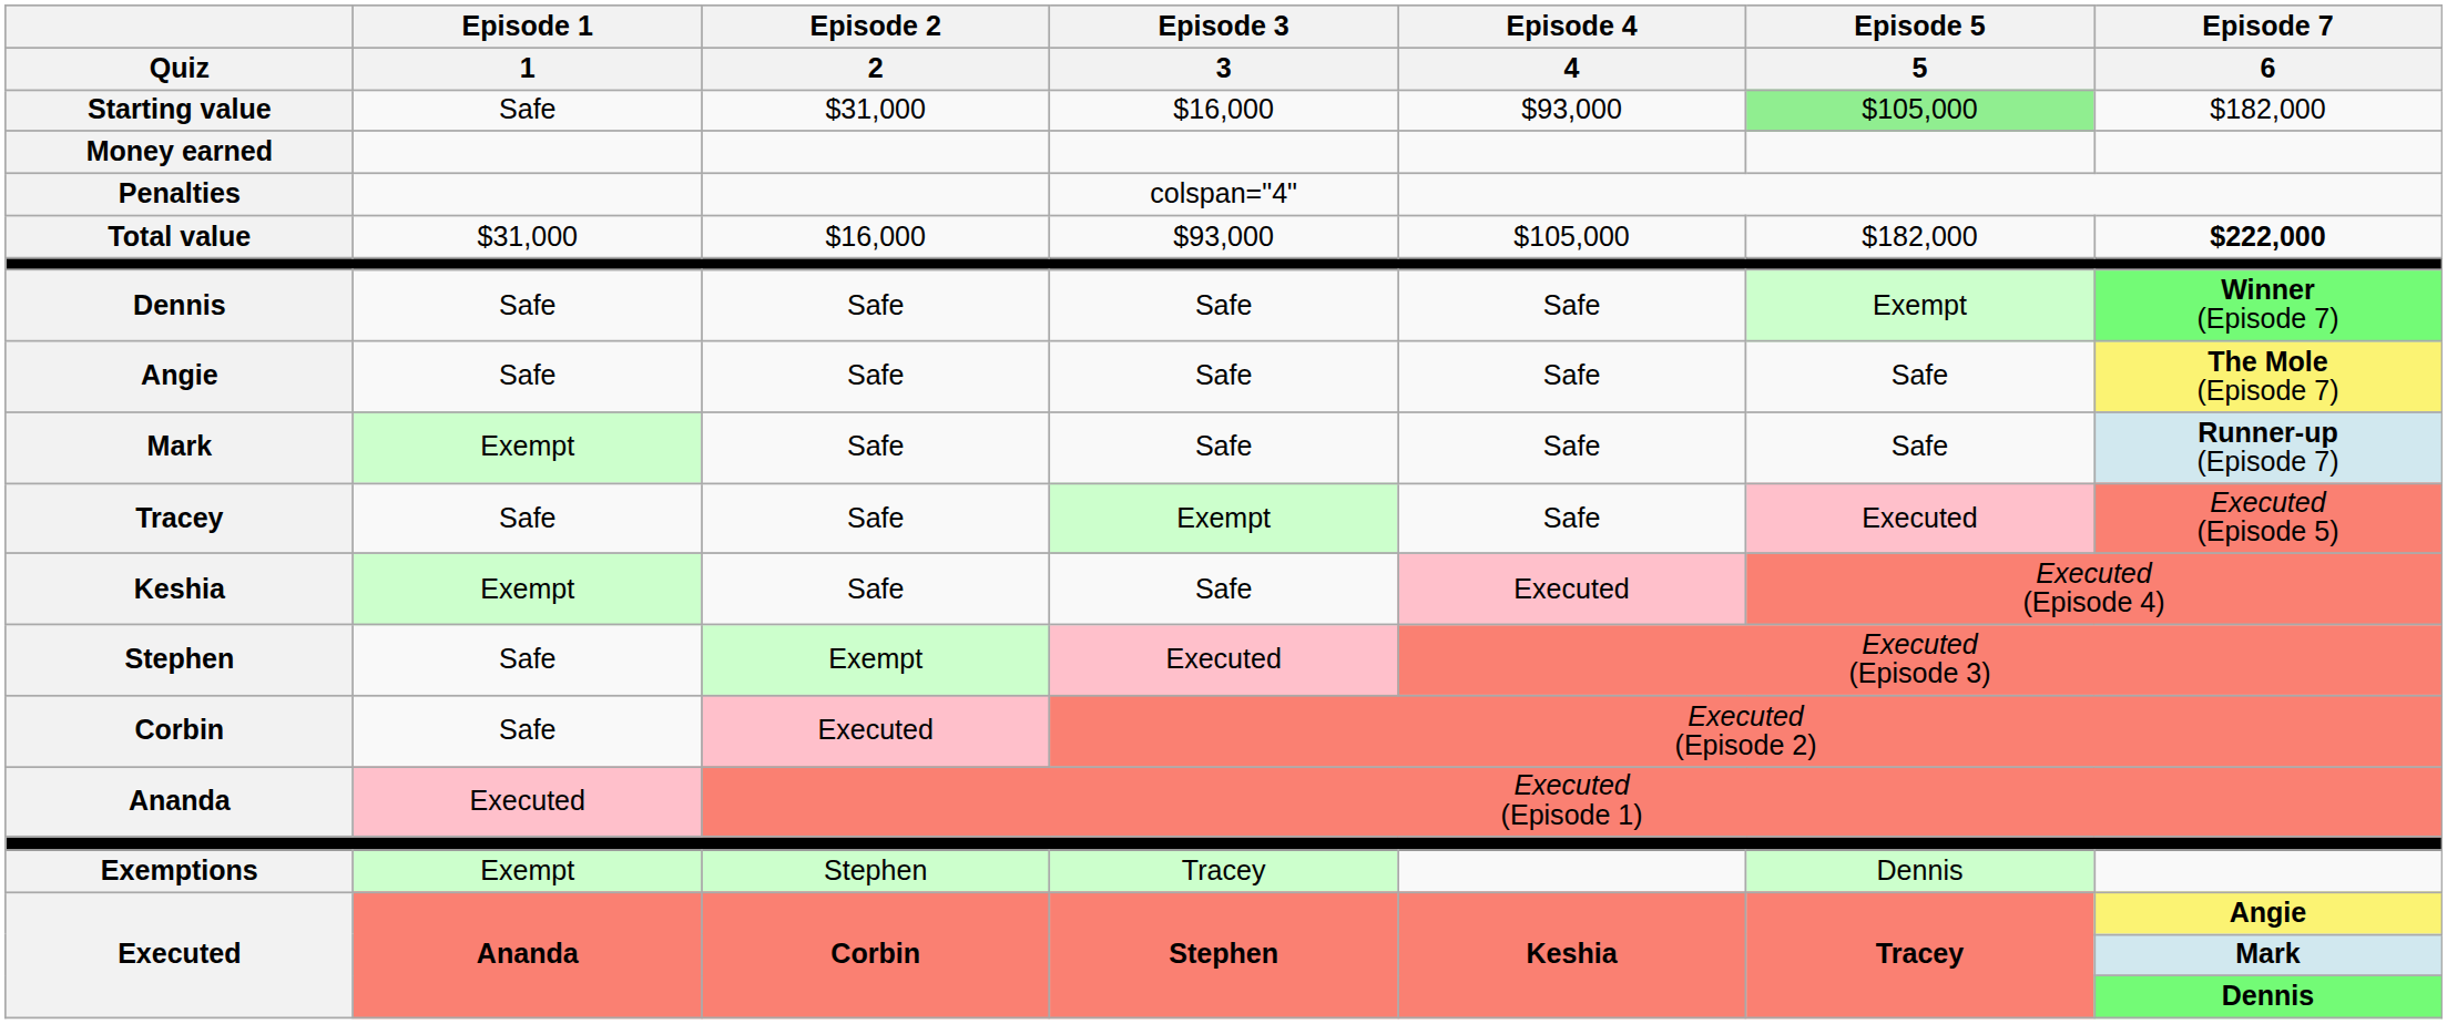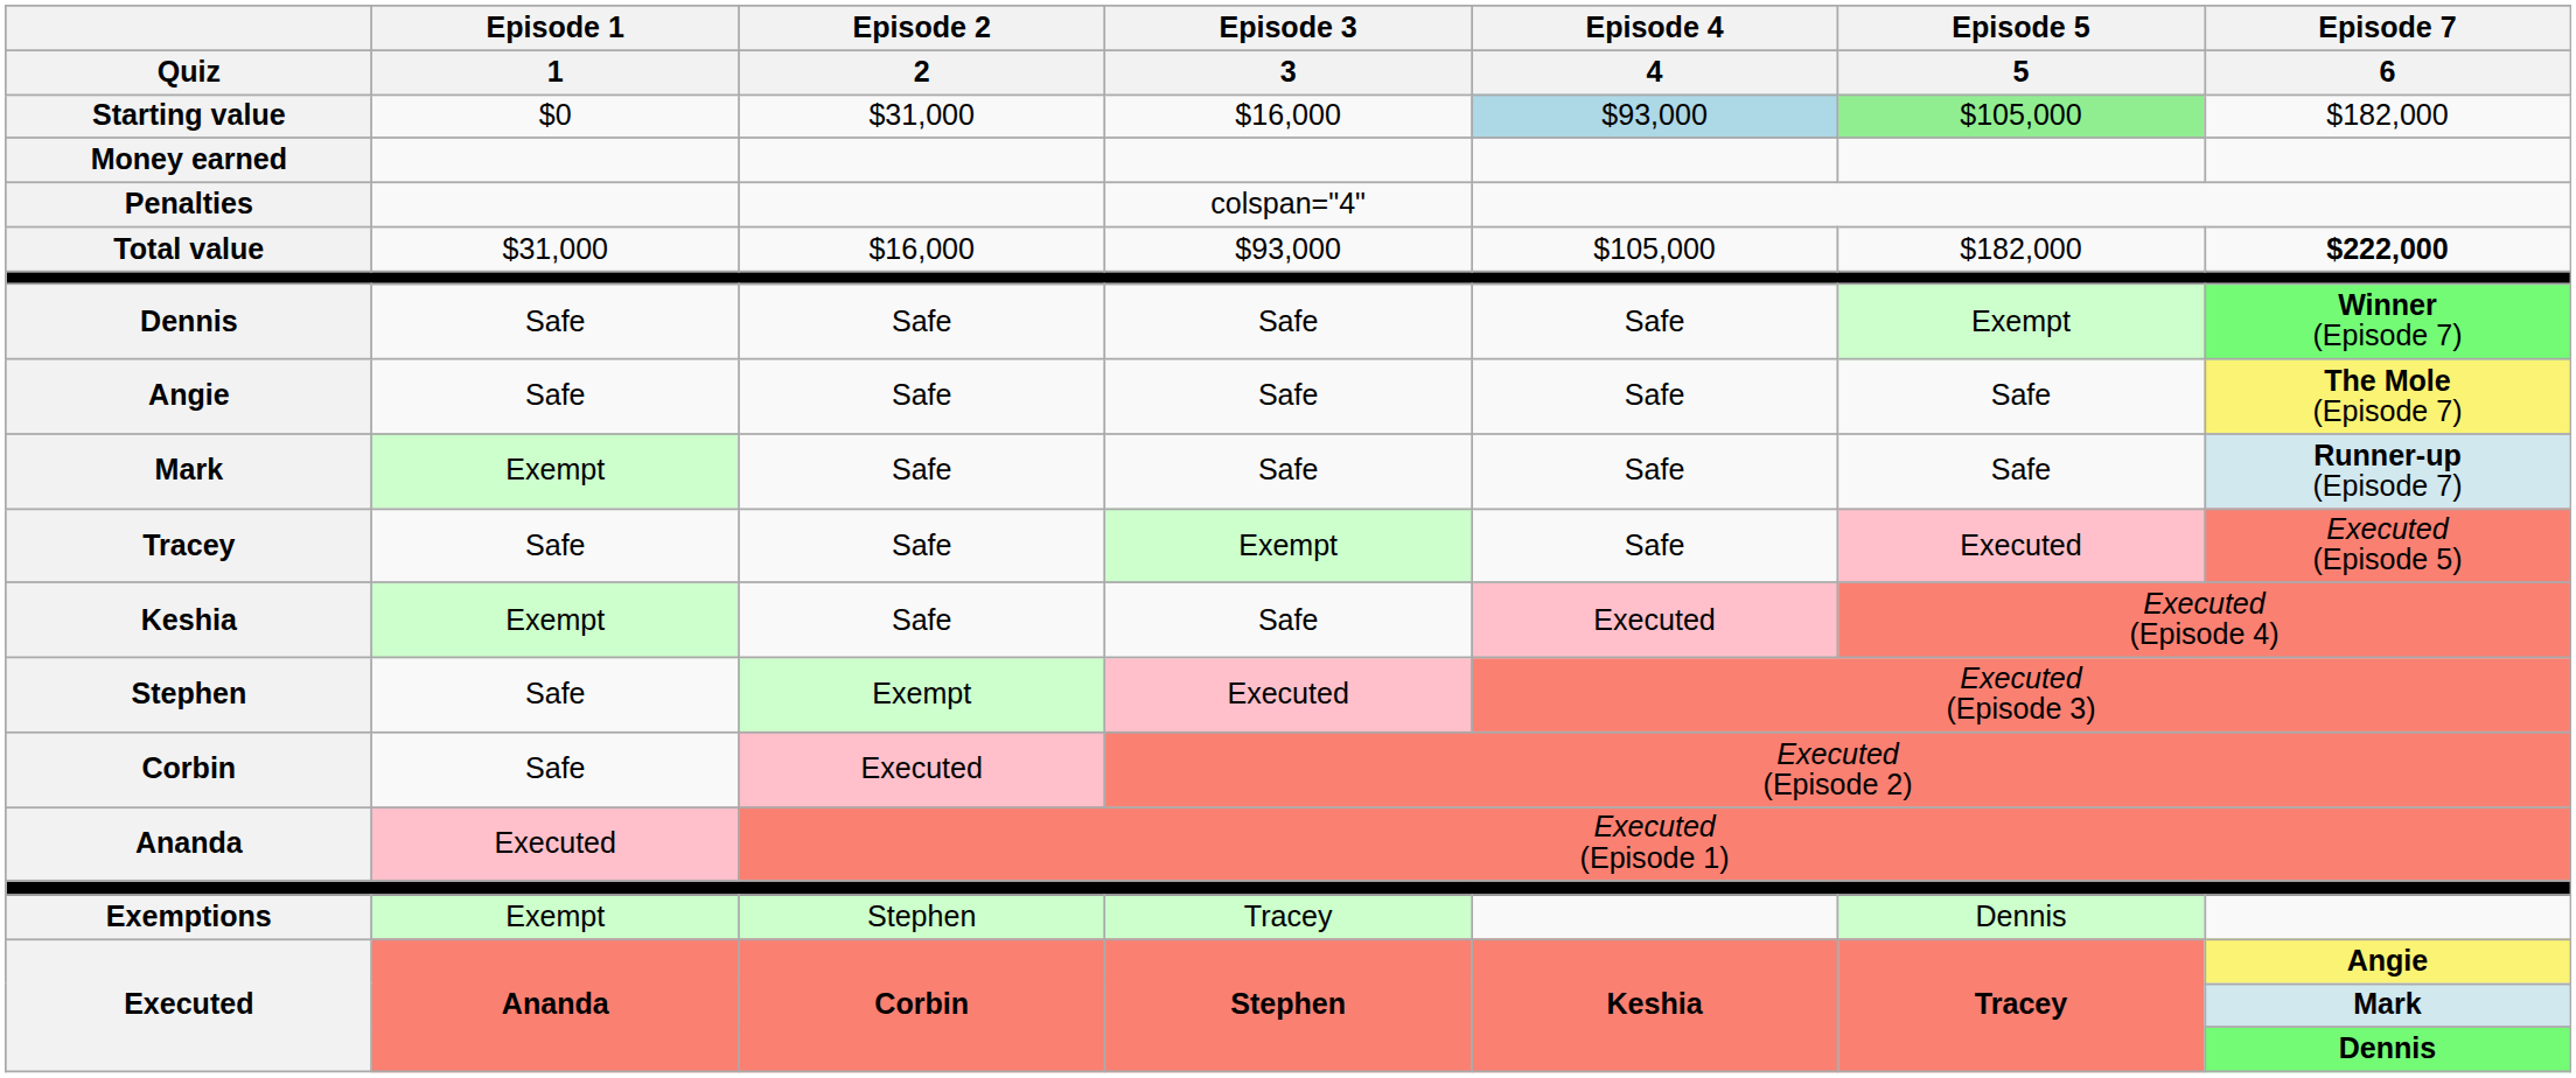 <table class="wikitable"  style="text-align:center; width:100%; font-size:90%; line-height:15px;">
 <tr>
 <th style="width:10%;"></th>
 <th style="width:10%;">Episode 1</th>
 <th style="width:10%;">Episode 2</th>
 <th style="width:10%;">Episode 3</th>
 <th style="width:10%;">Episode 4</th>
 <th style="width:10%;">Episode 5</th>
 <th style="width:10%;">Episode 7 <br> </th>
 </tr>
 <tr>
 <th>Quiz</th>
 <th>1</th>
 <th>2</th>
 <th>3</th>
 <th>4</th>
 <th>5</th>
 <th>6</th>
 </tr>
 <tr>
 <th>Starting value</th>
-<td>Safe</td>
+<td>$0</td>
 <td>$31,000</td>
 <td>$16,000</td>
-<td>$93,000</td>
+<td style="background: lightblue;">$93,000</td>
 <td style="background: lightgreen;">$105,000</td>
 <td>$182,000</td>
 </tr>
 <tr>
 <th>Money earned</th>
 <td></td>
 <td></td>
 <td></td>
 <td></td>
 <td></td>
 <td></td>
 </tr>
 <tr>
 <th>Penalties</th>
 <td></td>
 <td></td>
 <td>colspan="4" </td>
 </tr>
 <tr>
 <th>Total value</th>
 <td>$31,000</td>
 <td>$16,000</td>
 <td>$93,000</td>
 <td>$105,000</td>
 <td>$182,000</td>
 <td><strong>$222,000</strong></td>
 </tr>
 <tr>
 <td colspan=7 style="background:black;"></td>
 </tr>
 <tr>
 <th scope="row">Dennis</th>
 <td>Safe</td>
 <td>Safe</td>
 <td>Safe</td>
 <td>Safe</td>
 <td style="background:#ccffcc;">Exempt</td>
 <td style="background:#73fb76;"><strong>Winner</strong><br>(Episode 7)</td>
 </tr>
 <tr>
 <th scope="row">Angie</th>
 <td>Safe</td>
 <td>Safe</td>
 <td>Safe</td>
 <td>Safe</td>
 <td>Safe</td>
 <td style="background:#fbf373;"><strong>The Mole</strong><br>(Episode 7)</td>
 </tr>
 <tr>
 <th scope="row">Mark</th>
 <td style="background:#ccffcc;">Exempt</td>
 <td>Safe</td>
 <td>Safe</td>
 <td>Safe</td>
 <td>Safe</td>
 <td style="background:#d1e8ef;"><strong>Runner-up</strong><br>(Episode 7)</td>
 </tr>
 <tr>
 <th scope="row">Tracey</th>
 <td>Safe</td>
 <td>Safe</td>
 <td style="background:#ccffcc;">Exempt</td>
 <td>Safe</td>
 <td style="background:pink;">Executed</td>
 <td colspan=2 bgcolor="Salmon"><em>Executed</em> <br> (Episode 5)</td>
 </tr>
 <tr>
 <th scope="row">Keshia</th>
 <td style="background:#ccffcc;">Exempt</td>
 <td>Safe</td>
 <td>Safe</td>
 <td style="background:pink;">Executed</td>
 <td colspan=3 bgcolor="Salmon"><em>Executed</em> <br> (Episode 4)</td>
 </tr>
 <tr>
 <th scope="row">Stephen</th>
 <td>Safe</td>
 <td style="background:#ccffcc;">Exempt</td>
 <td style="background:pink;">Executed</td>
 <td colspan=4 bgcolor="Salmon"><em>Executed</em> <br> (Episode 3)</td>
 </tr>
 <tr>
 <th scope="row">Corbin</th>
 <td>Safe</td>
 <td style="background:pink;">Executed</td>
 <td colspan=5 bgcolor="Salmon"><em>Executed</em> <br> (Episode 2)</td>
 </tr>
 <tr>
 <th scope="row">Ananda</th>
 <td style="background:pink;">Executed</td>
 <td colspan=6 bgcolor="Salmon"><em>Executed</em> <br> (Episode 1)</td>
 </tr>
 <tr>
 <td colspan=7 style="background:black;"></td>
 </tr>
 <tr>
 <th>Exemptions</th>
 <td style="background:#ccffcc;">Exempt</td>
 <td style="background:#ccffcc;">Stephen</td>
 <td style="background:#ccffcc;">Tracey</td>
 <td></td>
 <td style="background:#ccffcc;">Dennis</td>
 <td></td>
 </tr>
 <tr>
 <th rowspan="3">Executed</th>
 <td rowspan="3" style="background:salmon;"><strong>Ananda</strong> <br> </td>
 <td rowspan="3" style="background:salmon;"><strong>Corbin</strong> <br> </td>
 <td rowspan="3" style="background:salmon;"><strong>Stephen</strong> <br> </td>
 <td rowspan="3" style="background:salmon;"><strong>Keshia</strong> <br> </td>
 <td rowspan="3" style="background:salmon;"><strong>Tracey</strong> <br> </td>
 <td style="background:#fbf373;"><strong>Angie</strong> <br> </td>
 </tr>
 <tr>
 <td style="background:#d1e8ef;"><strong>Mark</strong> <br> </td>
 </tr>
 <tr>
 <td style="background:#73fb76;"><strong>Dennis</strong> <br> </td>
 </tr>
 </table>
